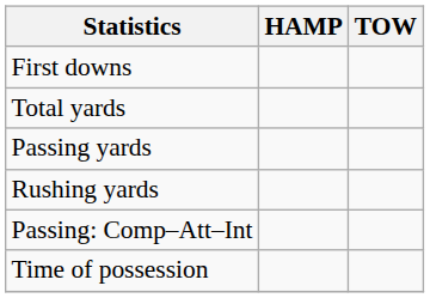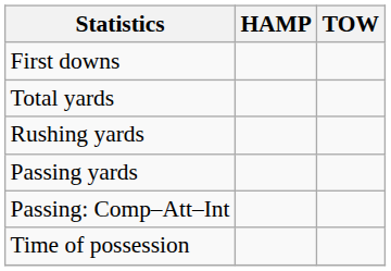 <table class="wikitable" style="float: left;">
 <tr>
 <th>Statistics</th>
 <th>HAMP</th>
 <th>TOW</th>
 </tr>
 <tr>
 <td>First downs</td>
 <td></td>
 <td></td>
 </tr>
 <tr>
 <td>Total yards</td>
 <td></td>
 <td></td>
 </tr>
 <tr>
-<td>Passing yards</td>
+<td>Rushing yards</td>
 <td></td>
 <td></td>
 </tr>
 <tr>
-<td>Rushing yards</td>
+<td>Passing yards</td>
 <td></td>
 <td></td>
 </tr>
 <tr>
 <td>Passing: Comp–Att–Int</td>
 <td></td>
 <td></td>
 </tr>
 <tr>
 <td>Time of possession</td>
 <td></td>
 <td></td>
 </tr>
 <tr>
 </tr>
 </table>
